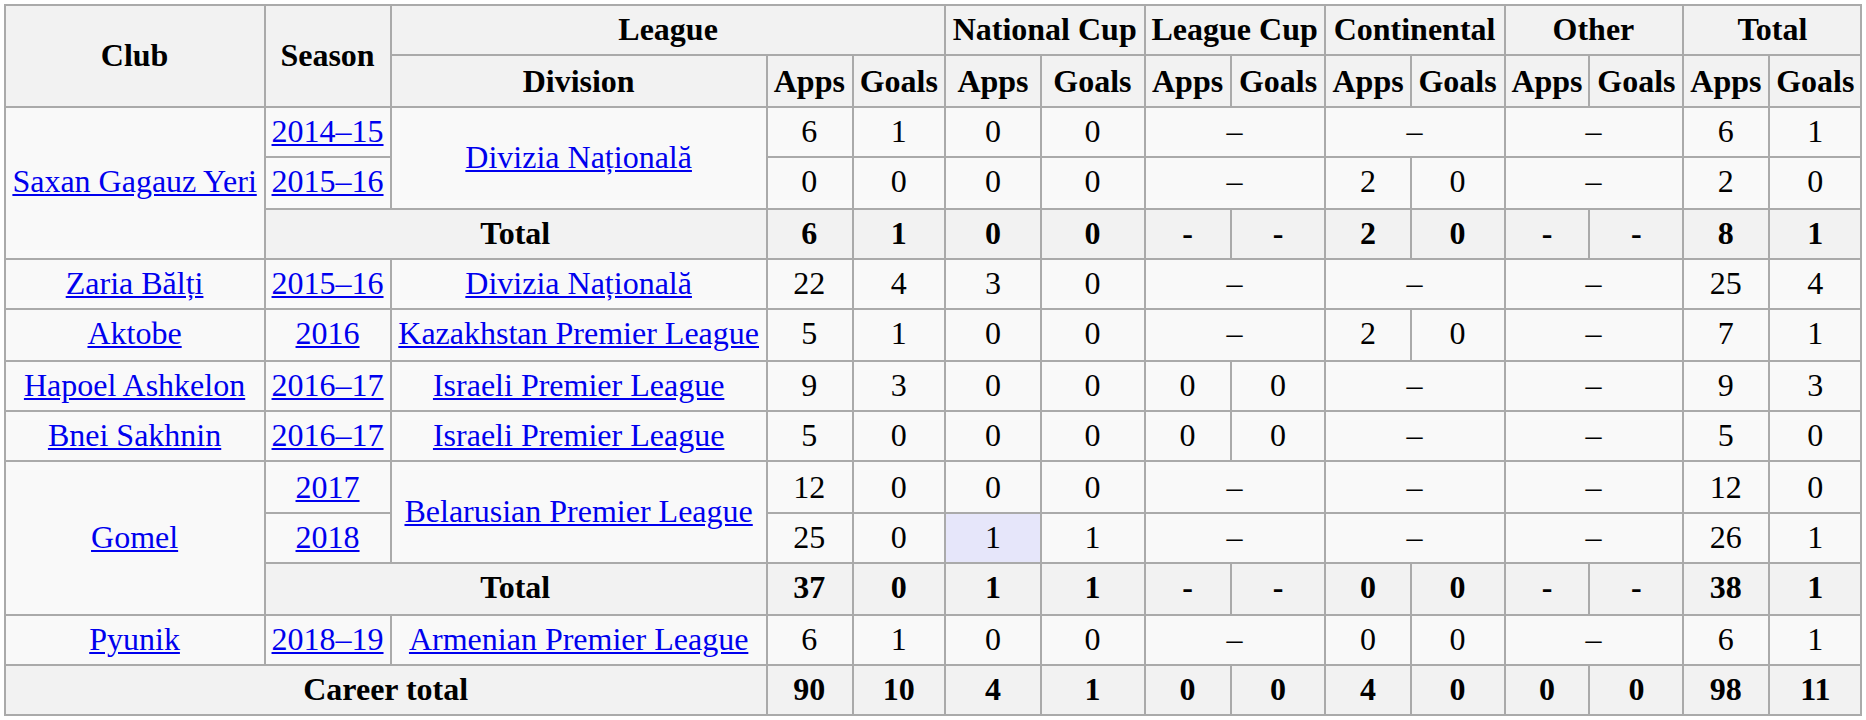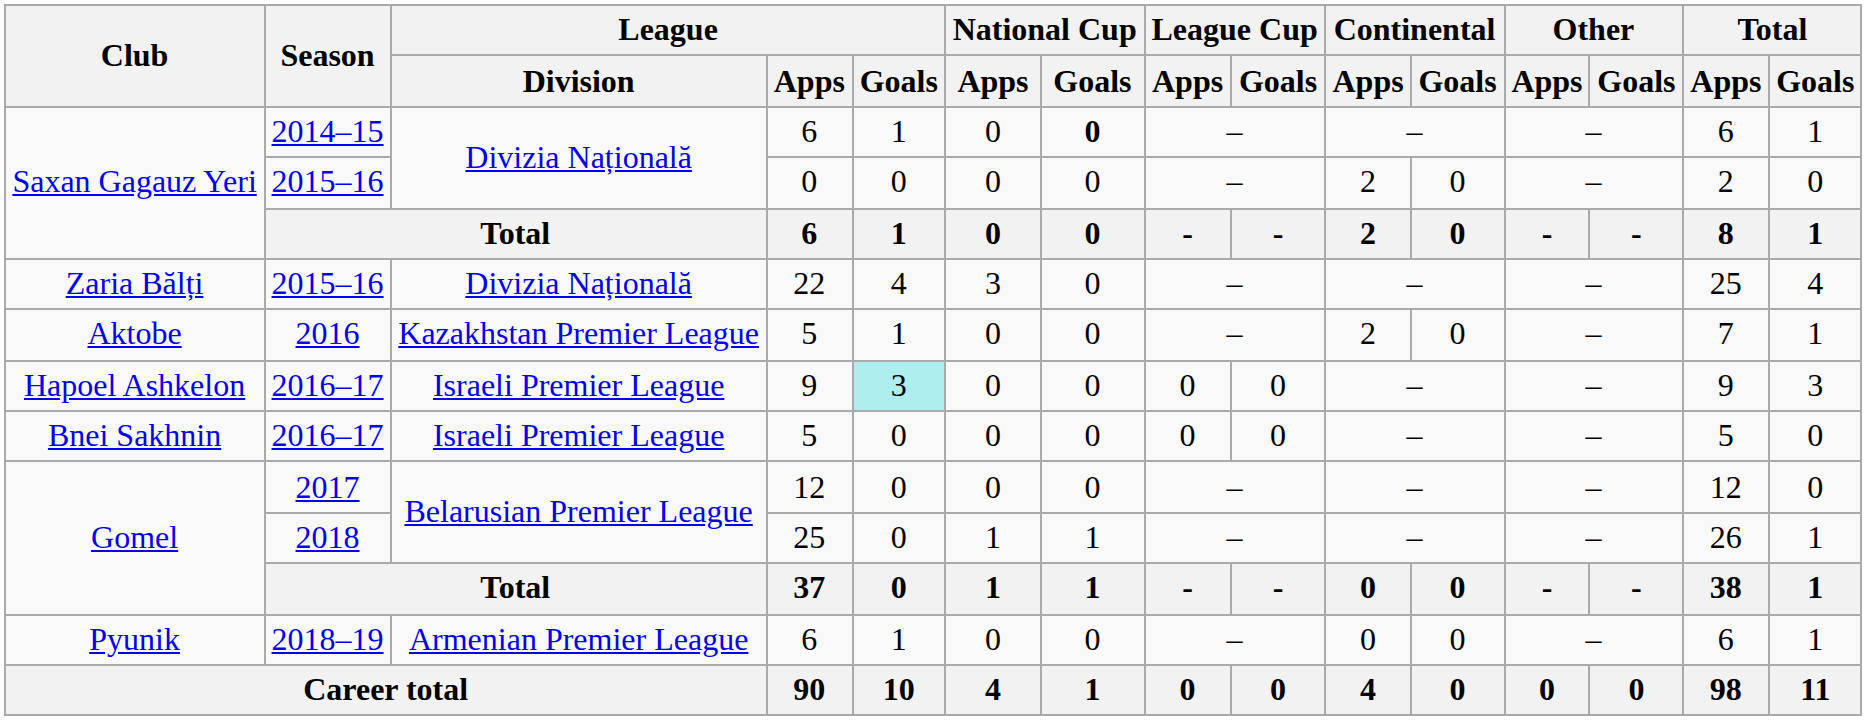 <table class="wikitable" style="text-align: center;">
 <tr>
 <th rowspan="2">Club</th>
 <th rowspan="2">Season</th>
 <th colspan="3">League</th>
 <th colspan="2">National Cup</th>
 <th colspan="2">League Cup</th>
 <th colspan="2">Continental</th>
 <th colspan="2">Other</th>
 <th colspan="2">Total</th>
 </tr>
 <tr>
 <th>Division</th>
 <th>Apps</th>
 <th>Goals</th>
 <th>Apps</th>
 <th>Goals</th>
 <th>Apps</th>
 <th>Goals</th>
 <th>Apps</th>
 <th>Goals</th>
 <th>Apps</th>
 <th>Goals</th>
 <th>Apps</th>
 <th>Goals</th>
 </tr>
 <tr>
 <td rowspan="3" valign="center"><a href='#'>Saxan Gagauz Yeri</a></td>
 <td><a href='#'>2014–15</a></td>
 <td rowspan="2" valign="center"><a href='#'>Divizia Națională</a></td>
 <td>6</td>
 <td>1</td>
 <td>0</td>
-<td>0</td>
+<td><strong>0</strong></td>
 <td colspan="2">–</td>
 <td colspan="2">–</td>
 <td colspan="2">–</td>
 <td>6</td>
 <td>1</td>
 </tr>
 <tr>
 <td><a href='#'>2015–16</a></td>
 <td>0</td>
 <td>0</td>
 <td>0</td>
 <td>0</td>
 <td colspan="2">–</td>
 <td>2</td>
 <td>0</td>
 <td colspan="2">–</td>
 <td>2</td>
 <td>0</td>
 </tr>
 <tr>
 <th colspan="2">Total</th>
 <th>6</th>
 <th>1</th>
 <th>0</th>
 <th>0</th>
 <th>-</th>
 <th>-</th>
 <th>2</th>
 <th>0</th>
 <th>-</th>
 <th>-</th>
 <th>8</th>
 <th>1</th>
 </tr>
 <tr>
 <td valign="center"><a href='#'>Zaria Bălți</a></td>
 <td><a href='#'>2015–16</a></td>
 <td><a href='#'>Divizia Națională</a></td>
 <td>22</td>
 <td>4</td>
 <td>3</td>
 <td>0</td>
 <td colspan="2">–</td>
 <td colspan="2">–</td>
 <td colspan="2">–</td>
 <td>25</td>
 <td>4</td>
 </tr>
 <tr>
 <td valign="center"><a href='#'>Aktobe</a></td>
 <td><a href='#'>2016</a></td>
 <td><a href='#'>Kazakhstan Premier League</a></td>
 <td>5</td>
 <td>1</td>
 <td>0</td>
 <td>0</td>
 <td colspan="2">–</td>
 <td>2</td>
 <td>0</td>
 <td colspan="2">–</td>
 <td>7</td>
 <td>1</td>
 </tr>
 <tr>
 <td valign="center"><a href='#'>Hapoel Ashkelon</a></td>
 <td><a href='#'>2016–17</a></td>
 <td><a href='#'>Israeli Premier League</a></td>
 <td>9</td>
-<td>3</td>
+<td style="background: paleturquoise;">3</td>
 <td>0</td>
 <td>0</td>
 <td>0</td>
 <td>0</td>
 <td colspan="2">–</td>
 <td colspan="2">–</td>
 <td>9</td>
 <td>3</td>
 </tr>
 <tr>
 <td valign="center"><a href='#'>Bnei Sakhnin</a></td>
 <td><a href='#'>2016–17</a></td>
 <td><a href='#'>Israeli Premier League</a></td>
 <td>5</td>
 <td>0</td>
 <td>0</td>
 <td>0</td>
 <td>0</td>
 <td>0</td>
 <td colspan="2">–</td>
 <td colspan="2">–</td>
 <td>5</td>
 <td>0</td>
 </tr>
 <tr>
 <td rowspan="3" valign="center"><a href='#'>Gomel</a></td>
 <td><a href='#'>2017</a></td>
 <td rowspan="2" valign="center"><a href='#'>Belarusian Premier League</a></td>
 <td>12</td>
 <td>0</td>
 <td>0</td>
 <td>0</td>
 <td colspan="2">–</td>
 <td colspan="2">–</td>
 <td colspan="2">–</td>
 <td>12</td>
 <td>0</td>
 </tr>
 <tr>
 <td><a href='#'>2018</a></td>
 <td>25</td>
 <td>0</td>
-<td style="background: lavender;">1</td>
+<td>1</td>
 <td>1</td>
 <td colspan="2">–</td>
 <td colspan="2">–</td>
 <td colspan="2">–</td>
 <td>26</td>
 <td>1</td>
 </tr>
 <tr>
 <th colspan="2">Total</th>
 <th>37</th>
 <th>0</th>
 <th>1</th>
 <th>1</th>
 <th>-</th>
 <th>-</th>
 <th>0</th>
 <th>0</th>
 <th>-</th>
 <th>-</th>
 <th>38</th>
 <th>1</th>
 </tr>
 <tr>
 <td valign="center"><a href='#'>Pyunik</a></td>
 <td><a href='#'>2018–19</a></td>
 <td><a href='#'>Armenian Premier League</a></td>
 <td>6</td>
 <td>1</td>
 <td>0</td>
 <td>0</td>
 <td colspan="2">–</td>
 <td>0</td>
 <td>0</td>
 <td colspan="2">–</td>
 <td>6</td>
 <td>1</td>
 </tr>
 <tr>
 <th colspan="3">Career total</th>
 <th>90</th>
 <th>10</th>
 <th>4</th>
 <th>1</th>
 <th>0</th>
 <th>0</th>
 <th>4</th>
 <th>0</th>
 <th>0</th>
 <th>0</th>
 <th>98</th>
 <th>11</th>
 </tr>
 </table>
